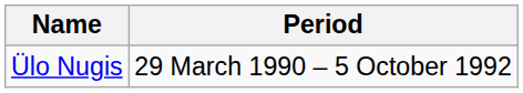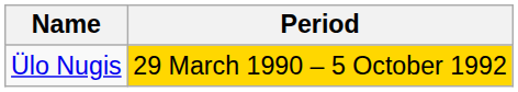 <table class="wikitable">
 <tr>
 <th>Name</th>
 <th>Period</th>
 </tr>
 <tr>
 <td><a href='#'>Ülo Nugis</a></td>
-<td>29 March 1990 – 5 October 1992</td>
+<td style="background: gold;">29 March 1990 – 5 October 1992</td>
 </tr>
 </table>
